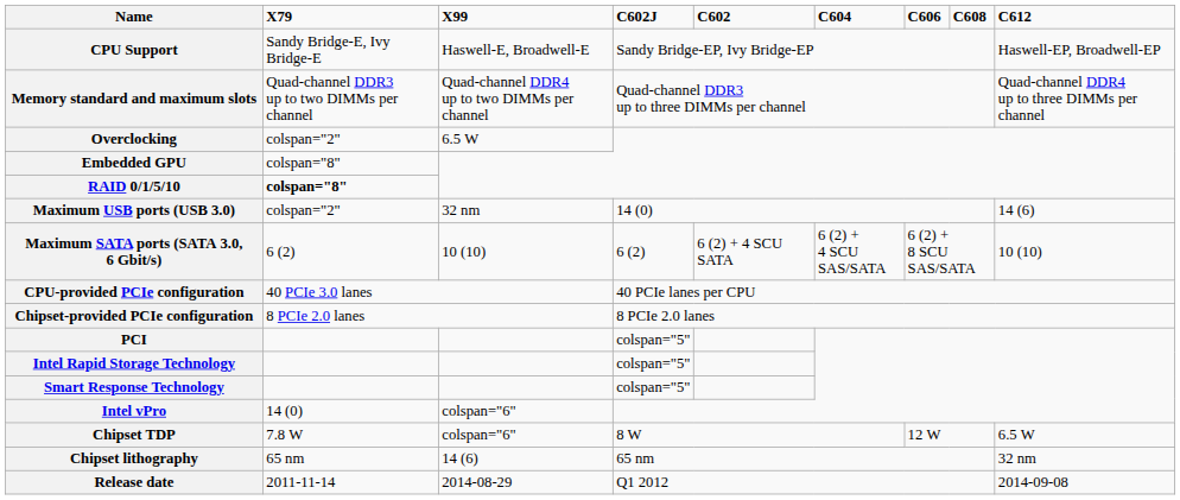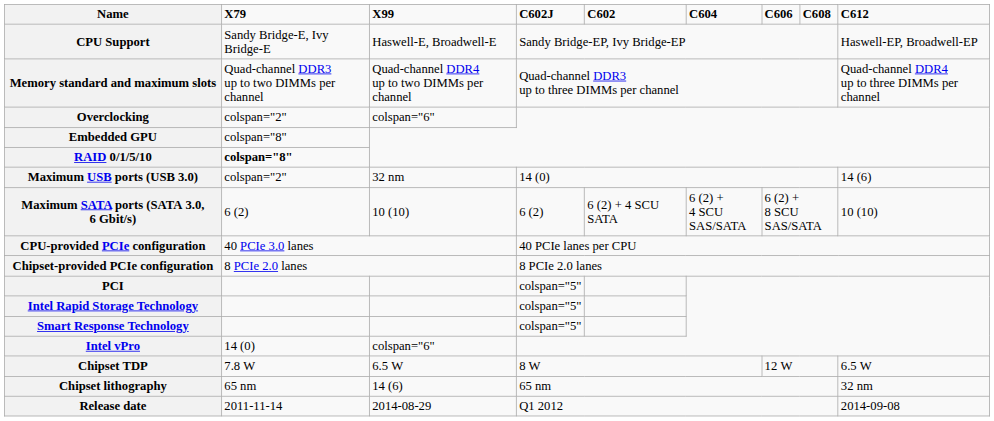 <table class="wikitable sortable">
 <tr>
 <th>Name</th>
 <td><strong>X79</strong></td>
 <td><strong>X99</strong></td>
 <td><strong>C602J</strong></td>
 <td><strong>C602</strong></td>
 <td><strong>C604</strong></td>
 <td><strong>C606</strong></td>
 <td><strong>C608</strong></td>
 <td><strong>C612</strong></td>
 </tr>
 <tr>
 <th>CPU Support</th>
 <td>Sandy Bridge-E, Ivy Bridge-E</td>
 <td>Haswell-E, Broadwell-E</td>
 <td colspan="5">Sandy Bridge-EP, Ivy Bridge-EP</td>
 <td>Haswell-EP, Broadwell-EP</td>
 </tr>
 <tr>
 <th>Memory standard and maximum slots</th>
 <td>Quad-channel <a href='#'>DDR3</a><br>up to two DIMMs per channel</td>
 <td>Quad-channel <a href='#'>DDR4</a><br>up to two DIMMs per channel</td>
 <td colspan="5">Quad-channel <a href='#'>DDR3</a><br>up to three DIMMs per channel</td>
 <td>Quad-channel <a href='#'>DDR4</a><br>up to three DIMMs per channel</td>
 </tr>
 <tr>
 <th>Overclocking</th>
 <td>colspan="2" </td>
-<td>6.5 W</td>
+<td>colspan="6" </td>
 </tr>
 <tr>
 <th>Embedded GPU</th>
 <td>colspan="8" </td>
 </tr>
 <tr>
 <th><a href='#'>RAID</a> 0/1/5/10</th>
 <td><strong>colspan="8" </strong></td>
 </tr>
 <tr>
 <th>Maximum <a href='#'>USB</a> ports (USB 3.0)</th>
 <td>colspan="2" </td>
 <td>32 nm</td>
 <td colspan="5">14 (0)</td>
 <td>14 (6)</td>
 </tr>
 <tr>
 <th>Maximum <a href='#'>SATA</a> ports (SATA 3.0, 6 Gbit/s)</th>
 <td>6 (2)</td>
 <td>10 (10)</td>
 <td>6 (2)</td>
 <td>6 (2) + 4 SCU SATA</td>
 <td>6 (2) + 4 SCU<br>SAS/SATA</td>
 <td colspan="2">6 (2) + 8 SCU<br>SAS/SATA</td>
 <td>10 (10)</td>
 </tr>
 <tr>
 <th>CPU-provided <a href='#'>PCIe</a> configuration</th>
 <td colspan="2">40 <a href='#'>PCIe 3.0</a> lanes</td>
 <td colspan="6">40 PCIe lanes per CPU</td>
 </tr>
 <tr>
 <th>Chipset-provided PCIe configuration</th>
 <td colspan="2">8 <a href='#'>PCIe 2.0</a> lanes</td>
 <td colspan="6">8 PCIe 2.0 lanes</td>
 </tr>
 <tr>
 <th>PCI</th>
 <td></td>
 <td></td>
 <td>colspan="5" </td>
 <td></td>
 </tr>
 <tr>
 <th><a href='#'>Intel Rapid Storage Technology</a></th>
 <td></td>
 <td></td>
 <td>colspan="5" </td>
 <td></td>
 </tr>
 <tr>
 <th><a href='#'>Smart Response Technology</a></th>
 <td></td>
 <td></td>
 <td>colspan="5" </td>
 <td></td>
 </tr>
 <tr>
 <th><a href='#'>Intel vPro</a></th>
 <td>14 (0)</td>
 <td>colspan="6" </td>
 </tr>
 <tr>
 <th>Chipset TDP</th>
 <td>7.8 W</td>
-<td>colspan="6" </td>
+<td>6.5 W</td>
 <td colspan="3">8 W</td>
 <td colspan="2">12 W</td>
 <td>6.5 W</td>
 </tr>
 <tr>
 <th>Chipset lithography</th>
 <td>65 nm</td>
 <td>14 (6)</td>
 <td colspan="5">65 nm</td>
 <td>32 nm</td>
 </tr>
 <tr>
 <th>Release date</th>
 <td>2011-11-14</td>
 <td>2014-08-29</td>
 <td colspan="5">Q1 2012</td>
 <td>2014-09-08</td>
 </tr>
 </table>
